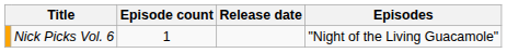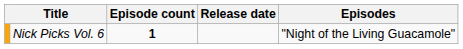 <table class="wikitable" style="text-align: center;">
 <tr>
 <th colspan=2>Title</th>
 <th>Episode count</th>
 <th>Release date</th>
 <th>Episodes</th>
 </tr>
 <tr>
 <td style="background:#FFA500"></td>
 <td><em>Nick Picks Vol. 6</em></td>
-<td>1</td>
+<td><strong>1</strong></td>
 <td></td>
 <td>"Night of the Living Guacamole"</td>
 </tr>
 </table>
